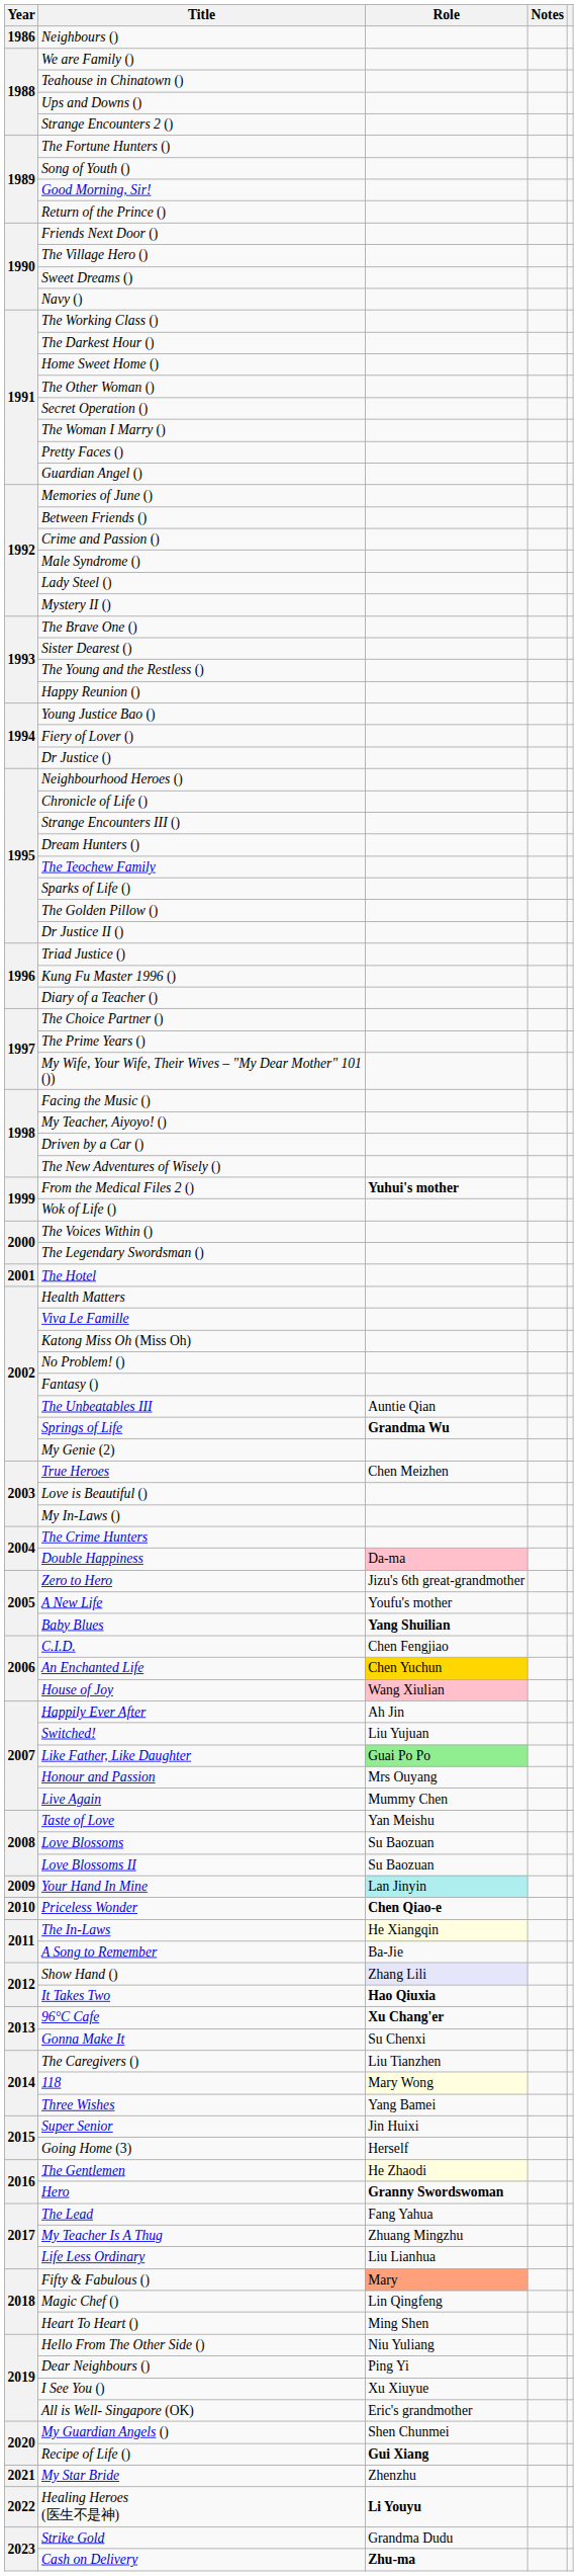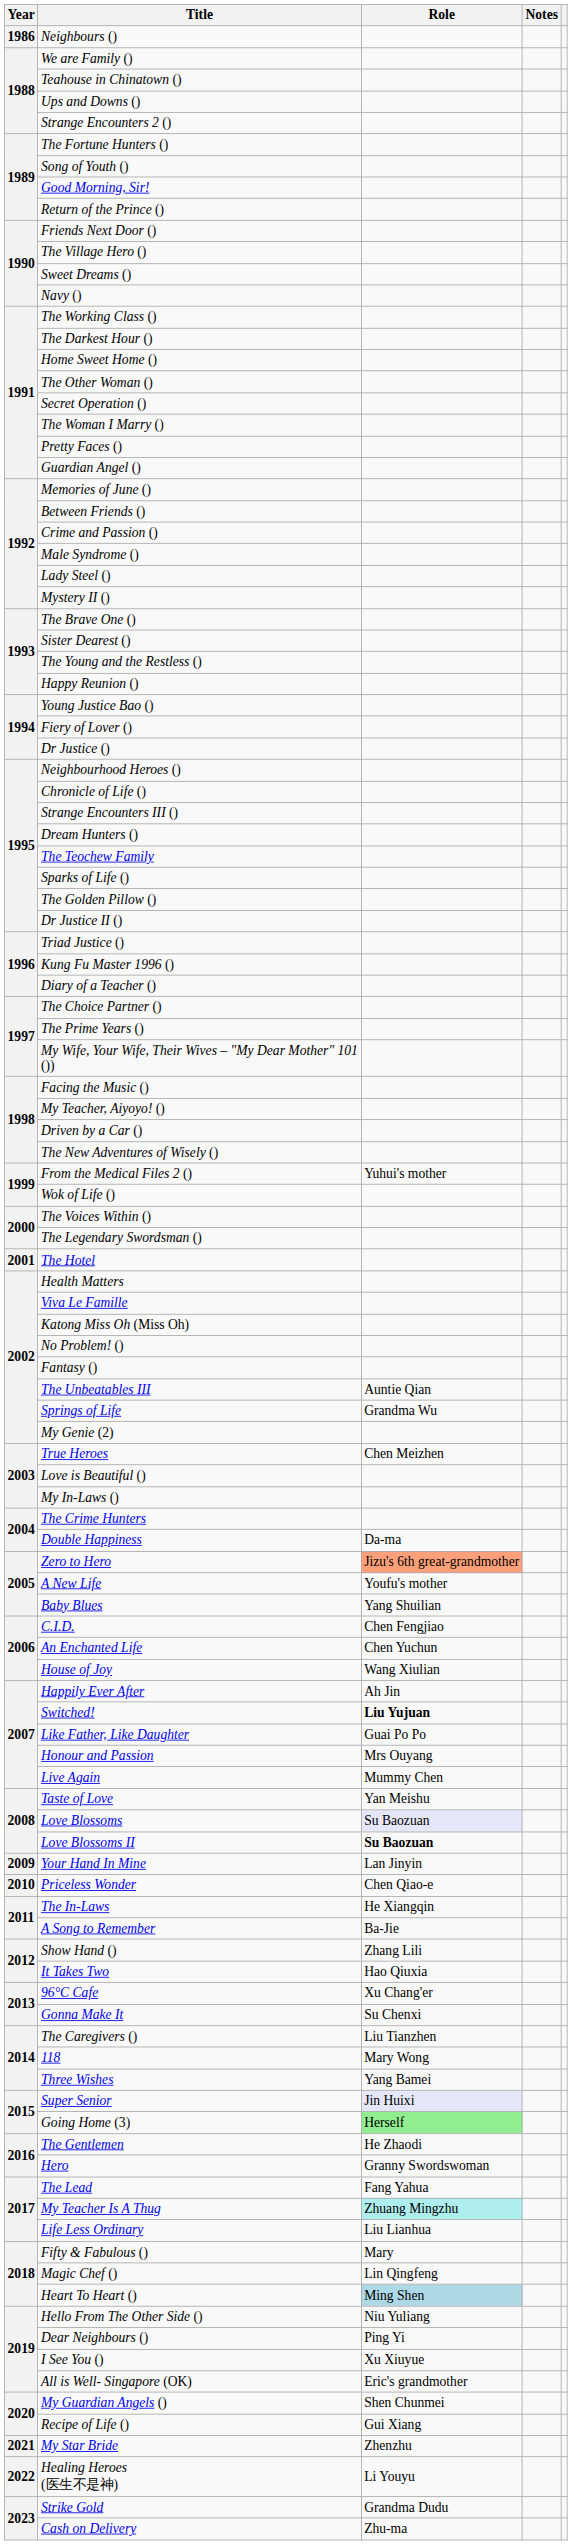 <table class="wikitable sortable plainrowheaders">
 <tr>
 <th scope="col">Year</th>
 <th scope="col">Title</th>
 <th scope="col">Role</th>
 <th scope="col" class="unsortable">Notes</th>
 <th scope="col" class="unsortable"></th>
 </tr>
 <tr>
 <th scope="row">1986</th>
 <td><em>Neighbours </em>()</td>
 <td></td>
 <td></td>
 <td></td>
 </tr>
 <tr>
 <th scope="row" rowspan="4">1988</th>
 <td><em>We are Family</em> ()</td>
 <td></td>
 <td></td>
 <td></td>
 </tr>
 <tr>
 <td><em>Teahouse in Chinatown</em> ()</td>
 <td></td>
 <td></td>
 <td></td>
 </tr>
 <tr>
 <td><em>Ups and Downs</em> ()</td>
 <td></td>
 <td></td>
 <td></td>
 </tr>
 <tr>
 <td><em>Strange Encounters 2</em> ()</td>
 <td></td>
 <td></td>
 <td></td>
 </tr>
 <tr>
 <th scope="row" rowspan="4">1989</th>
 <td><em>The Fortune Hunters</em> ()</td>
 <td></td>
 <td></td>
 <td></td>
 </tr>
 <tr>
 <td><em>Song of Youth</em> ()</td>
 <td></td>
 <td></td>
 <td></td>
 </tr>
 <tr>
 <td><em><a href='#'>Good Morning, Sir!</a></em></td>
 <td></td>
 <td></td>
 <td></td>
 </tr>
 <tr>
 <td><em>Return of the Prince</em> ()</td>
 <td></td>
 <td></td>
 <td></td>
 </tr>
 <tr>
 <th scope="row" rowspan="4">1990</th>
 <td><em>Friends Next Door</em> ()</td>
 <td></td>
 <td></td>
 <td></td>
 </tr>
 <tr>
 <td><em>The Village Hero</em> ()</td>
 <td></td>
 <td></td>
 <td></td>
 </tr>
 <tr>
 <td><em>Sweet Dreams</em> ()</td>
 <td></td>
 <td></td>
 <td></td>
 </tr>
 <tr>
 <td><em>Navy</em> ()</td>
 <td></td>
 <td></td>
 <td></td>
 </tr>
 <tr>
 <th scope="row" rowspan="8">1991</th>
 <td><em>The Working Class</em> ()</td>
 <td></td>
 <td></td>
 <td></td>
 </tr>
 <tr>
 <td><em>The Darkest Hour</em> ()</td>
 <td></td>
 <td></td>
 <td></td>
 </tr>
 <tr>
 <td><em>Home Sweet Home</em> ()</td>
 <td></td>
 <td></td>
 <td></td>
 </tr>
 <tr>
 <td><em>The Other Woman</em> ()</td>
 <td></td>
 <td></td>
 <td></td>
 </tr>
 <tr>
 <td><em>Secret Operation</em> ()</td>
 <td></td>
 <td></td>
 <td></td>
 </tr>
 <tr>
 <td><em>The Woman I Marry</em> ()</td>
 <td></td>
 <td></td>
 <td></td>
 </tr>
 <tr>
 <td><em>Pretty Faces</em> ()</td>
 <td></td>
 <td></td>
 <td></td>
 </tr>
 <tr>
 <td><em>Guardian Angel</em> ()</td>
 <td></td>
 <td></td>
 <td></td>
 </tr>
 <tr>
 <th scope="row" rowspan="6">1992</th>
 <td><em>Memories of June</em> ()</td>
 <td></td>
 <td></td>
 <td></td>
 </tr>
 <tr>
 <td><em>Between Friends</em> ()</td>
 <td></td>
 <td></td>
 <td></td>
 </tr>
 <tr>
 <td><em>Crime and Passion</em> ()</td>
 <td></td>
 <td></td>
 <td></td>
 </tr>
 <tr>
 <td><em>Male Syndrome</em> ()</td>
 <td></td>
 <td></td>
 <td></td>
 </tr>
 <tr>
 <td><em>Lady Steel</em> ()</td>
 <td></td>
 <td></td>
 <td></td>
 </tr>
 <tr>
 <td><em>Mystery II</em> ()</td>
 <td></td>
 <td></td>
 <td></td>
 </tr>
 <tr>
 <th scope="row" rowspan="4">1993</th>
 <td><em>The Brave One</em> ()</td>
 <td></td>
 <td></td>
 <td></td>
 </tr>
 <tr>
 <td><em>Sister Dearest</em> ()</td>
 <td></td>
 <td></td>
 <td></td>
 </tr>
 <tr>
 <td><em>The Young and the Restless</em> ()</td>
 <td></td>
 <td></td>
 <td></td>
 </tr>
 <tr>
 <td><em>Happy Reunion</em> ()</td>
 <td></td>
 <td></td>
 <td></td>
 </tr>
 <tr>
 <th scope="row" rowspan="3">1994</th>
 <td><em>Young Justice Bao</em> ()</td>
 <td></td>
 <td></td>
 <td></td>
 </tr>
 <tr>
 <td><em>Fiery of Lover</em> ()</td>
 <td></td>
 <td></td>
 <td></td>
 </tr>
 <tr>
 <td><em>Dr Justice</em> ()</td>
 <td></td>
 <td></td>
 <td></td>
 </tr>
 <tr>
 <th scope="row" rowspan="8">1995</th>
 <td><em>Neighbourhood Heroes</em> ()</td>
 <td></td>
 <td></td>
 <td></td>
 </tr>
 <tr>
 <td><em>Chronicle of Life</em> ()</td>
 <td></td>
 <td></td>
 <td></td>
 </tr>
 <tr>
 <td><em>Strange Encounters III</em> ()</td>
 <td></td>
 <td></td>
 <td></td>
 </tr>
 <tr>
 <td><em>Dream Hunters</em> ()</td>
 <td></td>
 <td></td>
 <td></td>
 </tr>
 <tr>
 <td><em><a href='#'>The Teochew Family</a></em></td>
 <td></td>
 <td></td>
 <td></td>
 </tr>
 <tr>
 <td><em>Sparks of Life</em> ()</td>
 <td></td>
 <td></td>
 <td></td>
 </tr>
 <tr>
 <td><em>The Golden Pillow</em> ()</td>
 <td></td>
 <td></td>
 <td></td>
 </tr>
 <tr>
 <td><em>Dr Justice II</em> ()</td>
 <td></td>
 <td></td>
 <td></td>
 </tr>
 <tr>
 <th scope="row" rowspan="3">1996</th>
 <td><em>Triad Justice</em> ()</td>
 <td></td>
 <td></td>
 <td></td>
 </tr>
 <tr>
 <td><em>Kung Fu Master 1996</em> ()</td>
 <td></td>
 <td></td>
 <td></td>
 </tr>
 <tr>
 <td><em>Diary of a Teacher</em> ()</td>
 <td></td>
 <td></td>
 <td></td>
 </tr>
 <tr>
 <th scope="row" rowspan="3">1997</th>
 <td><em>The Choice Partner</em> ()</td>
 <td></td>
 <td></td>
 <td></td>
 </tr>
 <tr>
 <td><em>The Prime Years</em> ()</td>
 <td></td>
 <td></td>
 <td></td>
 </tr>
 <tr>
 <td><em>My Wife, Your Wife, Their Wives – "My Dear Mother" 101</em><br>())</td>
 <td></td>
 <td></td>
 <td></td>
 </tr>
 <tr>
 <th scope="row" rowspan="4">1998</th>
 <td><em>Facing the Music</em> ()</td>
 <td></td>
 <td></td>
 <td></td>
 </tr>
 <tr>
 <td><em>My Teacher, Aiyoyo!</em> ()</td>
 <td></td>
 <td></td>
 <td></td>
 </tr>
 <tr>
 <td><em>Driven by a Car</em> ()</td>
 <td></td>
 <td></td>
 <td></td>
 </tr>
 <tr>
 <td><em>The New Adventures of Wisely</em> ()</td>
 <td></td>
 <td></td>
 <td></td>
 </tr>
 <tr>
 <th scope="row" rowspan="2">1999</th>
 <td><em>From the Medical Files 2</em> ()</td>
-<td><strong>Yuhui's mother</strong></td>
+<td>Yuhui's mother</td>
 <td></td>
 <td></td>
 </tr>
 <tr>
 <td><em>Wok of Life</em> ()</td>
 <td></td>
 <td></td>
 <td></td>
 </tr>
 <tr>
 <th scope="row" rowspan="2">2000</th>
 <td><em>The Voices Within</em> ()</td>
 <td></td>
 <td></td>
 <td></td>
 </tr>
 <tr>
 <td><em>The Legendary Swordsman</em> ()</td>
 <td></td>
 <td></td>
 <td></td>
 </tr>
 <tr>
 <th scope="row">2001</th>
 <td><em><a href='#'>The Hotel</a></em></td>
 <td></td>
 <td></td>
 <td></td>
 </tr>
 <tr>
 <th scope="row" rowspan="8">2002</th>
 <td><em>Health Matters</em></td>
 <td></td>
 <td></td>
 <td></td>
 </tr>
 <tr>
 <td><em><a href='#'>Viva Le Famille</a></em></td>
 <td></td>
 <td></td>
 <td></td>
 </tr>
 <tr>
 <td><em>Katong Miss Oh</em> (Miss Oh)</td>
 <td></td>
 <td></td>
 <td></td>
 </tr>
 <tr>
 <td><em>No Problem!</em> ()</td>
 <td></td>
 <td></td>
 <td></td>
 </tr>
 <tr>
 <td><em>Fantasy</em> ()</td>
 <td></td>
 <td></td>
 <td></td>
 </tr>
 <tr>
 <td><em><a href='#'>The Unbeatables III</a></em></td>
 <td>Auntie Qian</td>
 <td></td>
 <td></td>
 </tr>
 <tr>
 <td><em><a href='#'>Springs of Life</a></em></td>
-<td><strong>Grandma Wu</strong></td>
+<td>Grandma Wu</td>
 <td></td>
 <td></td>
 </tr>
 <tr>
 <td><em>My Genie</em> (2)</td>
 <td></td>
 <td></td>
 <td></td>
 </tr>
 <tr>
 <th scope="row" rowspan="3">2003</th>
 <td><em><a href='#'>True Heroes</a></em></td>
 <td>Chen Meizhen</td>
 <td></td>
 <td></td>
 </tr>
 <tr>
 <td><em>Love is Beautiful</em> ()</td>
 <td></td>
 <td></td>
 <td></td>
 </tr>
 <tr>
 <td><em>My In-Laws</em> ()</td>
 <td></td>
 <td></td>
 <td></td>
 </tr>
 <tr>
 <th scope="row" rowspan="2">2004</th>
 <td><em><a href='#'>The Crime Hunters</a></em></td>
 <td></td>
 <td></td>
 <td></td>
 </tr>
 <tr>
 <td><em><a href='#'>Double Happiness</a></em></td>
-<td style="background: pink;">Da-ma</td>
+<td>Da-ma</td>
 <td></td>
 </tr>
 <tr>
 <th scope="row" rowspan="3">2005</th>
 <td><em><a href='#'>Zero to Hero</a></em></td>
-<td>Jizu's 6th great-grandmother</td>
+<td style="background: lightsalmon;">Jizu's 6th great-grandmother</td>
 <td></td>
 <td></td>
 </tr>
 <tr>
 <td><em><a href='#'>A New Life</a></em></td>
 <td>Youfu's mother</td>
 <td></td>
 <td></td>
 </tr>
 <tr>
 <td><em><a href='#'>Baby Blues</a></em></td>
-<td><strong>Yang Shuilian</strong></td>
+<td>Yang Shuilian</td>
 <td></td>
 <td></td>
 </tr>
 <tr>
 <th scope="row" rowspan="3">2006</th>
 <td><em><a href='#'>C.I.D.</a></em></td>
 <td>Chen Fengjiao</td>
 <td></td>
 <td></td>
 </tr>
 <tr>
 <td><em><a href='#'>An Enchanted Life</a></em></td>
-<td style="background: gold;">Chen Yuchun</td>
+<td>Chen Yuchun</td>
 <td></td>
 <td></td>
 </tr>
 <tr>
 <td><em><a href='#'>House of Joy</a></em></td>
-<td style="background: pink;">Wang Xiulian</td>
+<td>Wang Xiulian</td>
 <td></td>
 <td></td>
 </tr>
 <tr>
 <th scope="row" rowspan="5">2007</th>
 <td><em><a href='#'>Happily Ever After</a></em></td>
 <td>Ah Jin</td>
 <td></td>
 <td></td>
 </tr>
 <tr>
 <td><em><a href='#'>Switched!</a></em></td>
-<td>Liu Yujuan</td>
+<td><strong>Liu Yujuan</strong></td>
 <td></td>
 <td></td>
 </tr>
 <tr>
 <td><em><a href='#'>Like Father, Like Daughter</a></em></td>
-<td style="background: lightgreen;">Guai Po Po</td>
+<td>Guai Po Po</td>
 <td></td>
 <td></td>
 </tr>
 <tr>
 <td><em><a href='#'>Honour and Passion</a></em></td>
 <td>Mrs Ouyang</td>
 <td></td>
 <td></td>
 </tr>
 <tr>
 <td><em><a href='#'>Live Again</a></em></td>
 <td>Mummy Chen</td>
 <td></td>
 <td></td>
 </tr>
 <tr>
 <th scope="row" rowspan="3">2008</th>
 <td><em><a href='#'>Taste of Love</a></em></td>
 <td>Yan Meishu</td>
 <td></td>
 <td></td>
 </tr>
 <tr>
 <td><em><a href='#'>Love Blossoms</a></em></td>
-<td>Su Baozuan</td>
+<td style="background: lavender;">Su Baozuan</td>
 <td></td>
 <td></td>
 </tr>
 <tr>
 <td><em><a href='#'>Love Blossoms II</a></em></td>
-<td>Su Baozuan</td>
+<td><strong>Su Baozuan</strong></td>
 <td></td>
 <td></td>
 </tr>
 <tr>
 <th scope="row" rowspan="1">2009</th>
 <td><em><a href='#'>Your Hand In Mine</a></em></td>
-<td style="background: paleturquoise;">Lan Jinyin</td>
+<td>Lan Jinyin</td>
 <td></td>
 <td></td>
 </tr>
 <tr>
 <th scope="row" rowspan="1">2010</th>
 <td><em><a href='#'>Priceless Wonder</a></em></td>
-<td><strong>Chen Qiao-e</strong></td>
+<td>Chen Qiao-e</td>
 <td></td>
 <td></td>
 </tr>
 <tr>
 <th scope="row" rowspan="2">2011</th>
 <td><em><a href='#'>The In-Laws</a></em></td>
-<td style="background: lightyellow;">He Xiangqin</td>
+<td>He Xiangqin</td>
 <td></td>
 <td></td>
 </tr>
 <tr>
 <td><em><a href='#'>A Song to Remember</a></em></td>
 <td>Ba-Jie</td>
 <td></td>
 <td></td>
 </tr>
 <tr>
 <th scope="row" rowspan="2">2012</th>
 <td><em>Show Hand</em> ()</td>
-<td style="background: lavender;">Zhang Lili</td>
+<td>Zhang Lili</td>
 <td></td>
 <td></td>
 </tr>
 <tr>
 <td><em><a href='#'>It Takes Two</a></em></td>
-<td><strong>Hao Qiuxia</strong></td>
+<td>Hao Qiuxia</td>
 <td></td>
 <td></td>
 </tr>
 <tr>
 <th scope="row" rowspan="2">2013</th>
 <td><em><a href='#'>96°C Cafe</a></em></td>
-<td><strong>Xu Chang'er</strong></td>
+<td>Xu Chang'er</td>
 <td></td>
 <td></td>
 </tr>
 <tr>
 <td><em><a href='#'>Gonna Make It</a></em></td>
 <td>Su Chenxi</td>
 <td></td>
 <td></td>
 </tr>
 <tr>
 <th scope="row" rowspan="3">2014</th>
 <td><em>The Caregivers</em> ()</td>
 <td>Liu Tianzhen</td>
 <td></td>
 <td></td>
 </tr>
 <tr>
 <td><em><a href='#'>118</a></em></td>
-<td style="background: lightyellow;">Mary Wong</td>
+<td>Mary Wong</td>
 <td></td>
 <td></td>
 </tr>
 <tr>
 <td><em><a href='#'>Three Wishes</a></em></td>
 <td>Yang Bamei</td>
 <td></td>
 <td></td>
 </tr>
 <tr>
 <th scope="row" rowspan="2">2015</th>
 <td><em><a href='#'>Super Senior</a></em></td>
-<td>Jin Huixi</td>
+<td style="background: lavender;">Jin Huixi</td>
 <td></td>
 <td></td>
 </tr>
 <tr>
 <td><em>Going Home</em> (3)</td>
-<td>Herself</td>
+<td style="background: lightgreen;">Herself</td>
 <td></td>
 <td></td>
 </tr>
 <tr>
 <th scope="row" rowspan="2">2016</th>
 <td><em><a href='#'>The Gentlemen</a></em></td>
-<td style="background: lightyellow;">He Zhaodi</td>
+<td>He Zhaodi</td>
 <td></td>
 <td></td>
 </tr>
 <tr>
 <td><em><a href='#'>Hero</a></em></td>
-<td><strong>Granny Swordswoman</strong></td>
+<td>Granny Swordswoman</td>
 <td></td>
 <td></td>
 </tr>
 <tr>
 <th scope="row" rowspan="3">2017</th>
 <td><em><a href='#'>The Lead</a></em></td>
 <td>Fang Yahua</td>
 <td></td>
 <td></td>
 </tr>
 <tr>
 <td><em><a href='#'>My Teacher Is A Thug</a></em></td>
-<td>Zhuang Mingzhu</td>
+<td style="background: paleturquoise;">Zhuang Mingzhu</td>
 <td></td>
 <td></td>
 </tr>
 <tr>
 <td><em><a href='#'>Life Less Ordinary</a></em></td>
 <td>Liu Lianhua</td>
 <td></td>
 <td></td>
 </tr>
 <tr>
 <th scope="row" rowspan="3">2018</th>
 <td><em>Fifty & Fabulous</em> ()</td>
-<td style="background: lightsalmon;">Mary</td>
+<td>Mary</td>
 <td></td>
 <td></td>
 </tr>
 <tr>
 <td><em>Magic Chef</em> ()</td>
 <td>Lin Qingfeng</td>
 <td></td>
 <td></td>
 </tr>
 <tr>
 <td><em>Heart To Heart</em> ()</td>
-<td>Ming Shen</td>
+<td style="background: lightblue;">Ming Shen</td>
 <td></td>
 <td></td>
 </tr>
 <tr>
 <th scope="row" rowspan="4">2019</th>
 <td><em>Hello From The Other Side</em> ()</td>
 <td>Niu Yuliang</td>
 <td></td>
 <td></td>
 </tr>
 <tr>
 <td><em>Dear Neighbours</em> ()</td>
 <td>Ping Yi</td>
 <td></td>
 <td></td>
 </tr>
 <tr>
 <td><em>I See You</em> ()</td>
 <td>Xu Xiuyue</td>
 <td></td>
 <td></td>
 </tr>
 <tr>
 <td><em>All is Well- Singapore</em> (OK)</td>
 <td>Eric's grandmother</td>
 <td></td>
 <td></td>
 </tr>
 <tr>
 <th scope="row" rowspan="2">2020</th>
 <td><em><a href='#'>My Guardian Angels</a></em> ()</td>
 <td>Shen Chunmei</td>
 <td></td>
 <td></td>
 </tr>
 <tr>
 <td><em>Recipe of Life</em> ()</td>
-<td><strong>Gui Xiang</strong></td>
+<td>Gui Xiang</td>
 <td></td>
 <td></td>
 </tr>
 <tr>
 <th scope="row" rowspan="1">2021</th>
 <td><em><a href='#'>My Star Bride</a></em></td>
 <td>Zhenzhu</td>
 <td></td>
 </tr>
 <tr>
 <th scope="row">2022</th>
 <td><em>Healing Heroes</em> <br> (医生不是神)</td>
-<td><strong>Li Youyu</strong></td>
+<td>Li Youyu</td>
 <td></td>
 <td></td>
 </tr>
 <tr>
 <th scope="row" rowspan="2">2023</th>
 <td><em><a href='#'>Strike Gold</a></em></td>
 <td>Grandma Dudu</td>
 <td></td>
 <td></td>
 </tr>
 <tr>
 <td><em><a href='#'>Cash on Delivery</a></em></td>
-<td><strong>Zhu-ma</strong></td>
+<td>Zhu-ma</td>
 <td></td>
 <td></td>
 </tr>
 </table>
